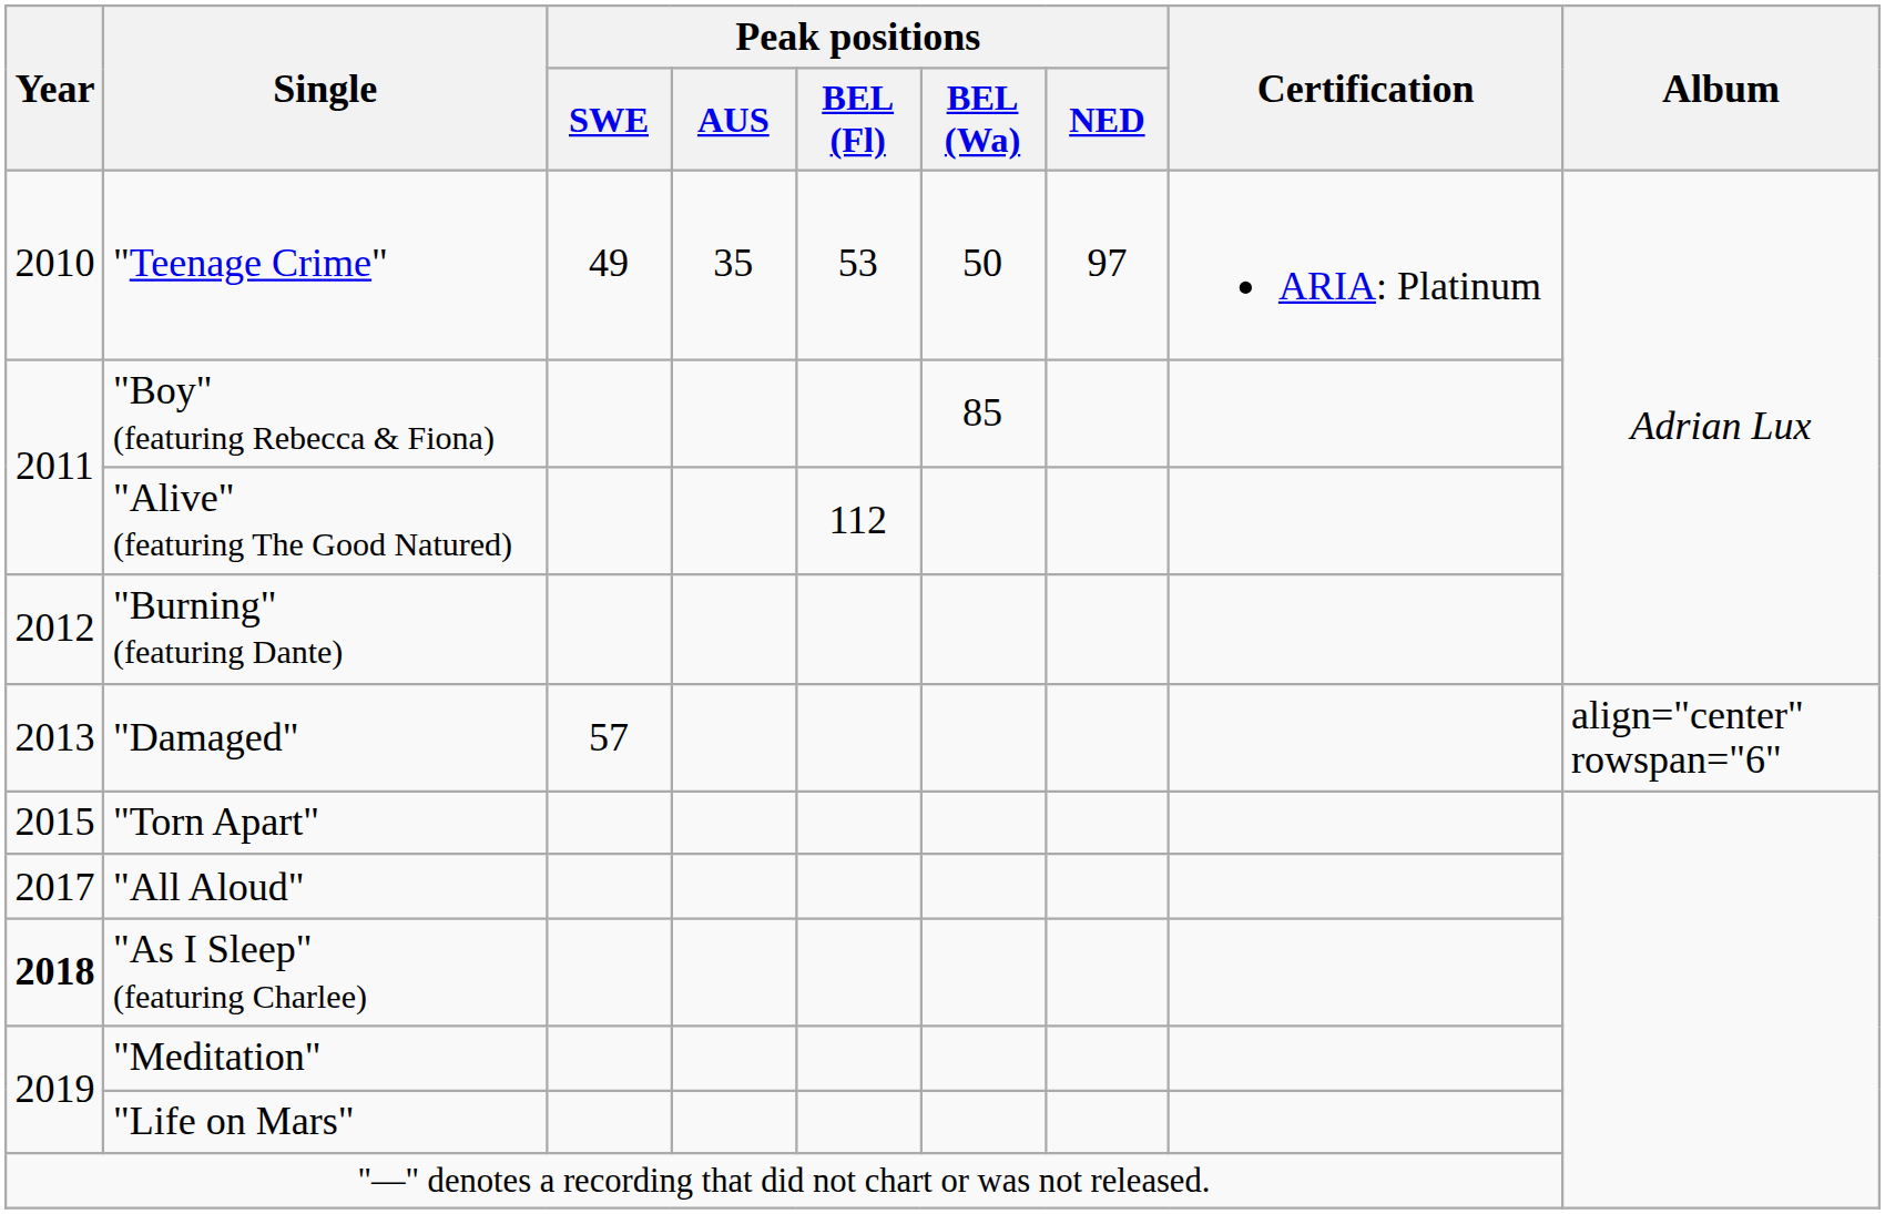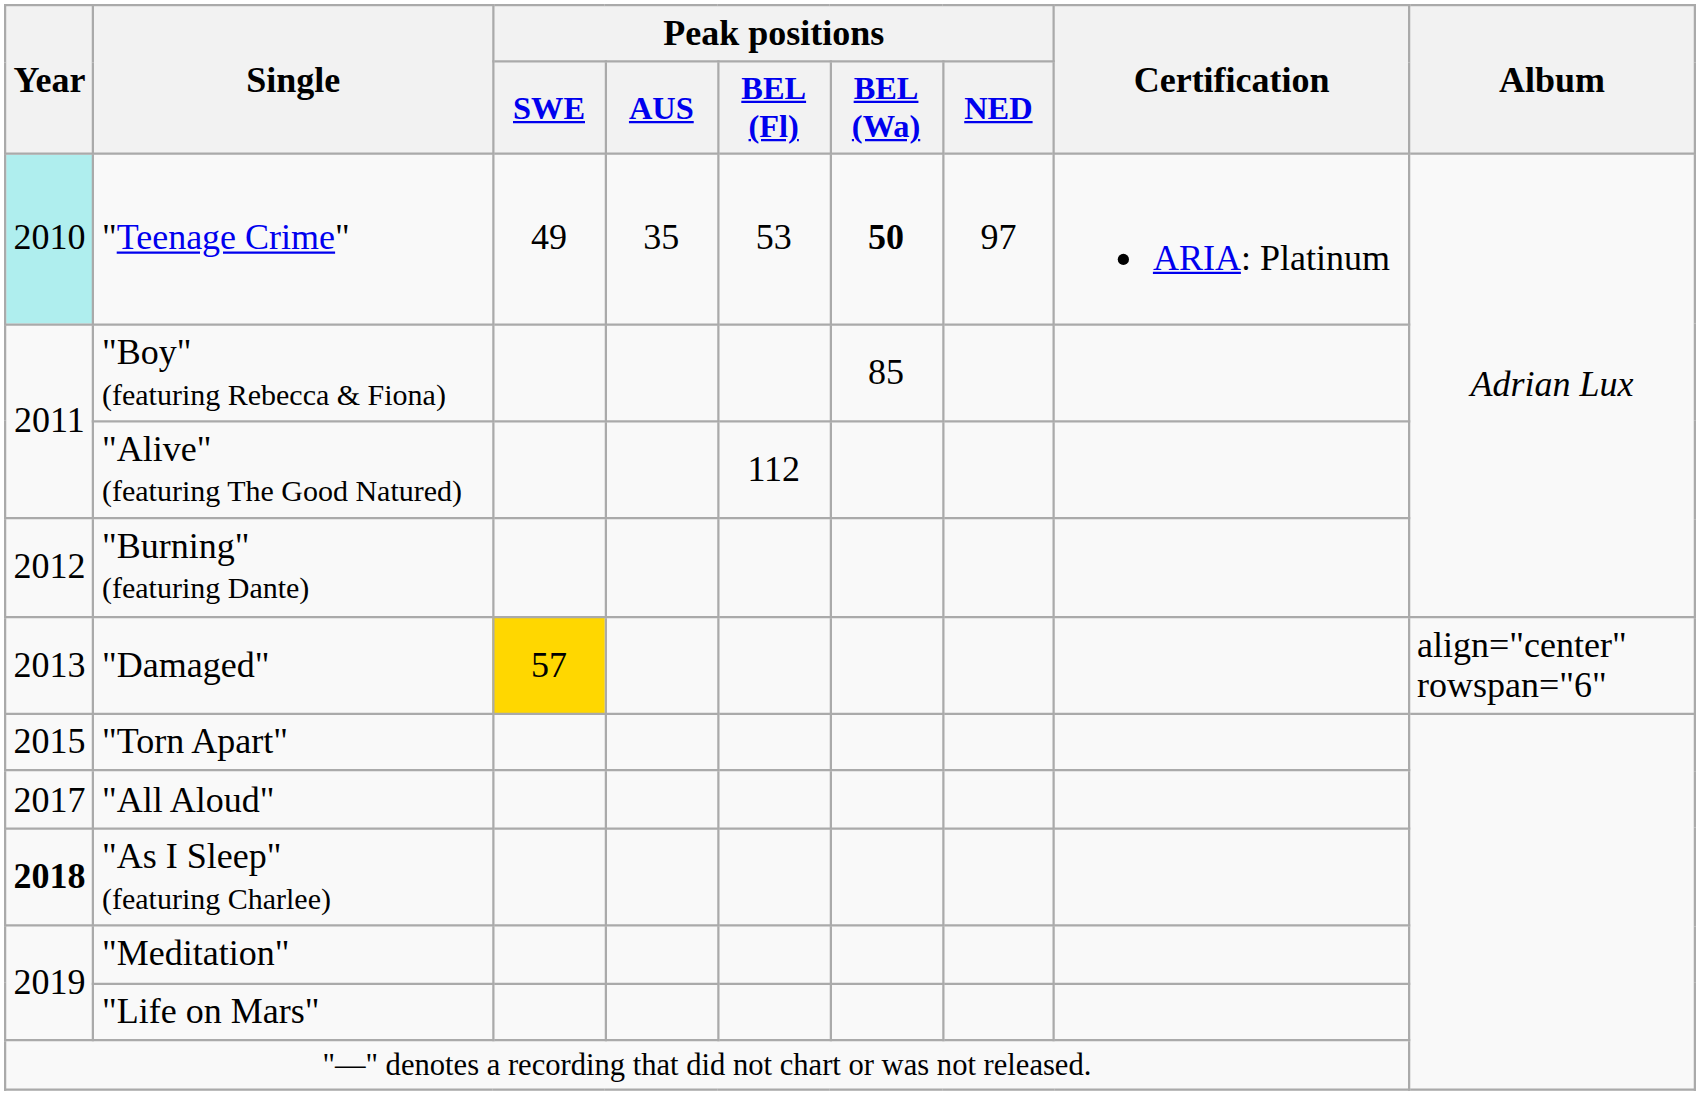 <table class="wikitable">
 <tr>
 <th align="center" rowspan="2" width="10">Year</th>
 <th align="center" rowspan="2" width="170">Single</th>
 <th align="center" colspan="5" width="30">Peak positions</th>
 <th align="center" rowspan="2" width="150">Certification</th>
 <th align="center" rowspan="2" width="120">Album</th>
 </tr>
 <tr>
 <th scope="col" style="width:3em;font-size:90%;"><a href='#'>SWE</a><br></th>
 <th scope="col" style="width:3em;font-size:90%;"><a href='#'>AUS</a><br></th>
 <th scope="col" style="width:3em;font-size:90%;"><a href='#'>BEL <br>(Fl)</a><br></th>
 <th scope="col" style="width:3em;font-size:90%;"><a href='#'>BEL <br>(Wa)</a><br></th>
 <th scope="col" style="width:3em;font-size:90%;"><a href='#'>NED</a><br></th>
 </tr>
 <tr>
-<td align="center">2010</td>
+<td align="center" style="background: paleturquoise;">2010</td>
 <td>"<a href='#'>Teenage Crime</a>"</td>
 <td align="center">49</td>
 <td align="center">35</td>
 <td align="center">53</td>
-<td align="center">50</td>
+<td align="center"><strong>50</strong></td>
 <td align="center">97</td>
 <td><br><ul><li><a href='#'>ARIA</a>: Platinum</li></ul></td>
 <td align="center" rowspan=4><em>Adrian Lux</em></td>
 </tr>
 <tr>
 <td align="center" rowspan="2">2011</td>
 <td>"Boy" <br><small>(featuring Rebecca & Fiona)</small></td>
 <td align="center"></td>
 <td align="center"></td>
 <td align="center"></td>
 <td align="center">85</td>
 <td align="center"></td>
 <td></td>
 </tr>
 <tr>
 <td>"Alive" <br><small>(featuring The Good Natured)</small></td>
 <td align="center"></td>
 <td align="center"></td>
 <td align="center">112</td>
 <td align="center"></td>
 <td align="center"></td>
 <td></td>
 </tr>
 <tr>
 <td align="center">2012</td>
 <td>"Burning" <br><small>(featuring Dante)</small></td>
 <td align="center"></td>
 <td align="center"></td>
 <td align="center"></td>
 <td align="center"></td>
 <td align="center"></td>
 <td></td>
 </tr>
 <tr>
 <td align="center">2013</td>
 <td>"Damaged"</td>
-<td align="center">57</td>
+<td align="center" style="background: gold;">57</td>
 <td align="center"></td>
 <td align="center"></td>
 <td align="center"></td>
 <td align="center"></td>
 <td></td>
 <td>align="center" rowspan="6" </td>
 </tr>
 <tr>
 <td align="center">2015</td>
 <td>"Torn Apart"</td>
 <td align="center"></td>
 <td align="center"></td>
 <td align="center"></td>
 <td align="center"></td>
 <td align="center"></td>
 <td></td>
 </tr>
 <tr>
 <td>2017</td>
 <td>"All Aloud"</td>
 <td align="center"></td>
 <td align="center"></td>
 <td align="center"></td>
 <td align="center"></td>
 <td align="center"></td>
 <td></td>
 </tr>
 <tr>
 <td><strong>2018</strong></td>
 <td>"As I Sleep" <br><small>(featuring Charlee)</small></td>
 <td align="center"></td>
 <td align="center"></td>
 <td align="center"></td>
 <td align="center"></td>
 <td align="center"></td>
 <td></td>
 </tr>
 <tr>
 <td rowspan="2">2019</td>
 <td>"Meditation"</td>
 <td align="center"></td>
 <td align="center"></td>
 <td align="center"></td>
 <td align="center"></td>
 <td align="center"></td>
 <td></td>
 </tr>
 <tr>
 <td>"Life on Mars"</td>
 <td align="center"></td>
 <td align="center"></td>
 <td align="center"></td>
 <td align="center"></td>
 <td align="center"></td>
 <td></td>
 </tr>
 <tr>
 <td colspan="8" style="font-size:85%;text-align:center;">"—" denotes a recording that did not chart or was not released.</td>
 </tr>
 </table>
